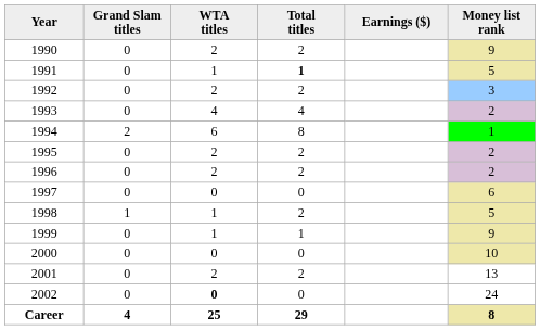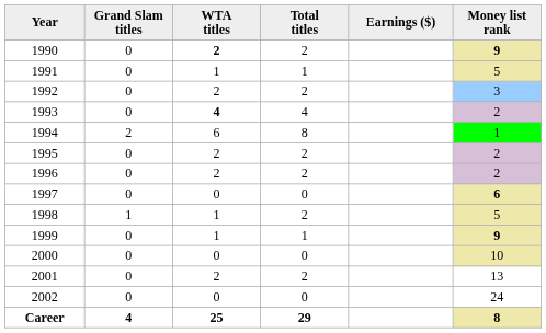 <table cellpadding=3 cellspacing=0 border=1 style=border:#aaa;solid:1px;border-collapse:collapse;text-align:center;>
 <tr style=background:#eee;font-weight:bold>
 <td width="90">Year</td>
 <td width="100">Grand Slam <br>titles</td>
 <td width="100">WTA <br>titles</td>
 <td width="100">Total <br>titles</td>
 <td width="120">Earnings ($)</td>
 <td width="100">Money list rank</td>
 </tr>
 <tr>
 <td align="center">1990</td>
 <td align="center">0</td>
-<td align="center">2</td>
+<td align="center"><strong>2</strong></td>
 <td align="center">2</td>
 <td align="right"></td>
-<td align="center" style="background:#eee8aa;">9</td>
+<td align="center" style="background:#eee8aa;"><strong>9</strong></td>
 </tr>
 <tr>
 <td align="center">1991</td>
 <td align="center">0</td>
 <td align="center">1</td>
-<td align="center"><strong>1</strong></td>
+<td align="center">1</td>
 <td align="right"></td>
 <td align="center" style="background:#eee8aa;">5</td>
 </tr>
 <tr>
 <td align="center">1992</td>
 <td align="center">0</td>
 <td align="center">2</td>
 <td align="center">2</td>
 <td align="right"></td>
 <td align="center" style="background:#99ccff;">3</td>
 </tr>
 <tr>
 <td align="center">1993</td>
 <td align="center">0</td>
-<td align="center">4</td>
+<td align="center"><strong>4</strong></td>
 <td align="center">4</td>
 <td align="right"></td>
 <td align="center" style="background:thistle;">2</td>
 </tr>
 <tr>
 <td align="center">1994</td>
 <td align="center">2</td>
 <td align="center">6</td>
 <td align="center">8</td>
 <td align="right"></td>
 <td align="center" style="background:#00ff00;">1</td>
 </tr>
 <tr>
 <td align="center">1995</td>
 <td align="center">0</td>
 <td align="center">2</td>
 <td align="center">2</td>
 <td align="right"></td>
 <td align="center" style="background:thistle;">2</td>
 </tr>
 <tr>
 <td align="center">1996</td>
 <td align="center">0</td>
 <td align="center">2</td>
 <td align="center">2</td>
 <td align="right"></td>
 <td align="center" style="background:thistle;">2</td>
 </tr>
 <tr>
 <td align="center">1997</td>
 <td align="center">0</td>
 <td align="center">0</td>
 <td align="center">0</td>
 <td align="right"></td>
-<td align="center" style="background:#eee8aa;">6</td>
+<td align="center" style="background:#eee8aa;"><strong>6</strong></td>
 </tr>
 <tr>
 <td align="center">1998</td>
 <td align="center">1</td>
 <td align="center">1</td>
 <td align="center">2</td>
 <td align="right"></td>
 <td align="center" style="background:#eee8aa;">5</td>
 </tr>
 <tr>
 <td align="center">1999</td>
 <td align="center">0</td>
 <td align="center">1</td>
 <td align="center">1</td>
 <td align="right"></td>
-<td align="center" style="background:#eee8aa;">9</td>
+<td align="center" style="background:#eee8aa;"><strong>9</strong></td>
 </tr>
 <tr>
 <td align="center">2000</td>
 <td align="center">0</td>
 <td align="center">0</td>
 <td align="center">0</td>
 <td align="right"></td>
 <td align="center" style="background:#eee8aa;">10</td>
 </tr>
 <tr>
 <td align="center">2001</td>
 <td align="center">0</td>
 <td align="center">2</td>
 <td align="center">2</td>
 <td align="right"></td>
 <td align="center">13</td>
 </tr>
 <tr>
 <td align="center">2002</td>
 <td align="center">0</td>
-<td align="center"><strong>0</strong></td>
+<td align="center">0</td>
 <td align="center">0</td>
 <td align="right"></td>
 <td align="center">24</td>
 </tr>
 <tr>
 <th align="center">Career</th>
 <th align="center">4</th>
 <th align="center">25</th>
 <th align="center">29</th>
 <th align="right"></th>
 <th align="center" style="background:#eee8aa;">8</th>
 </tr>
 </table>
